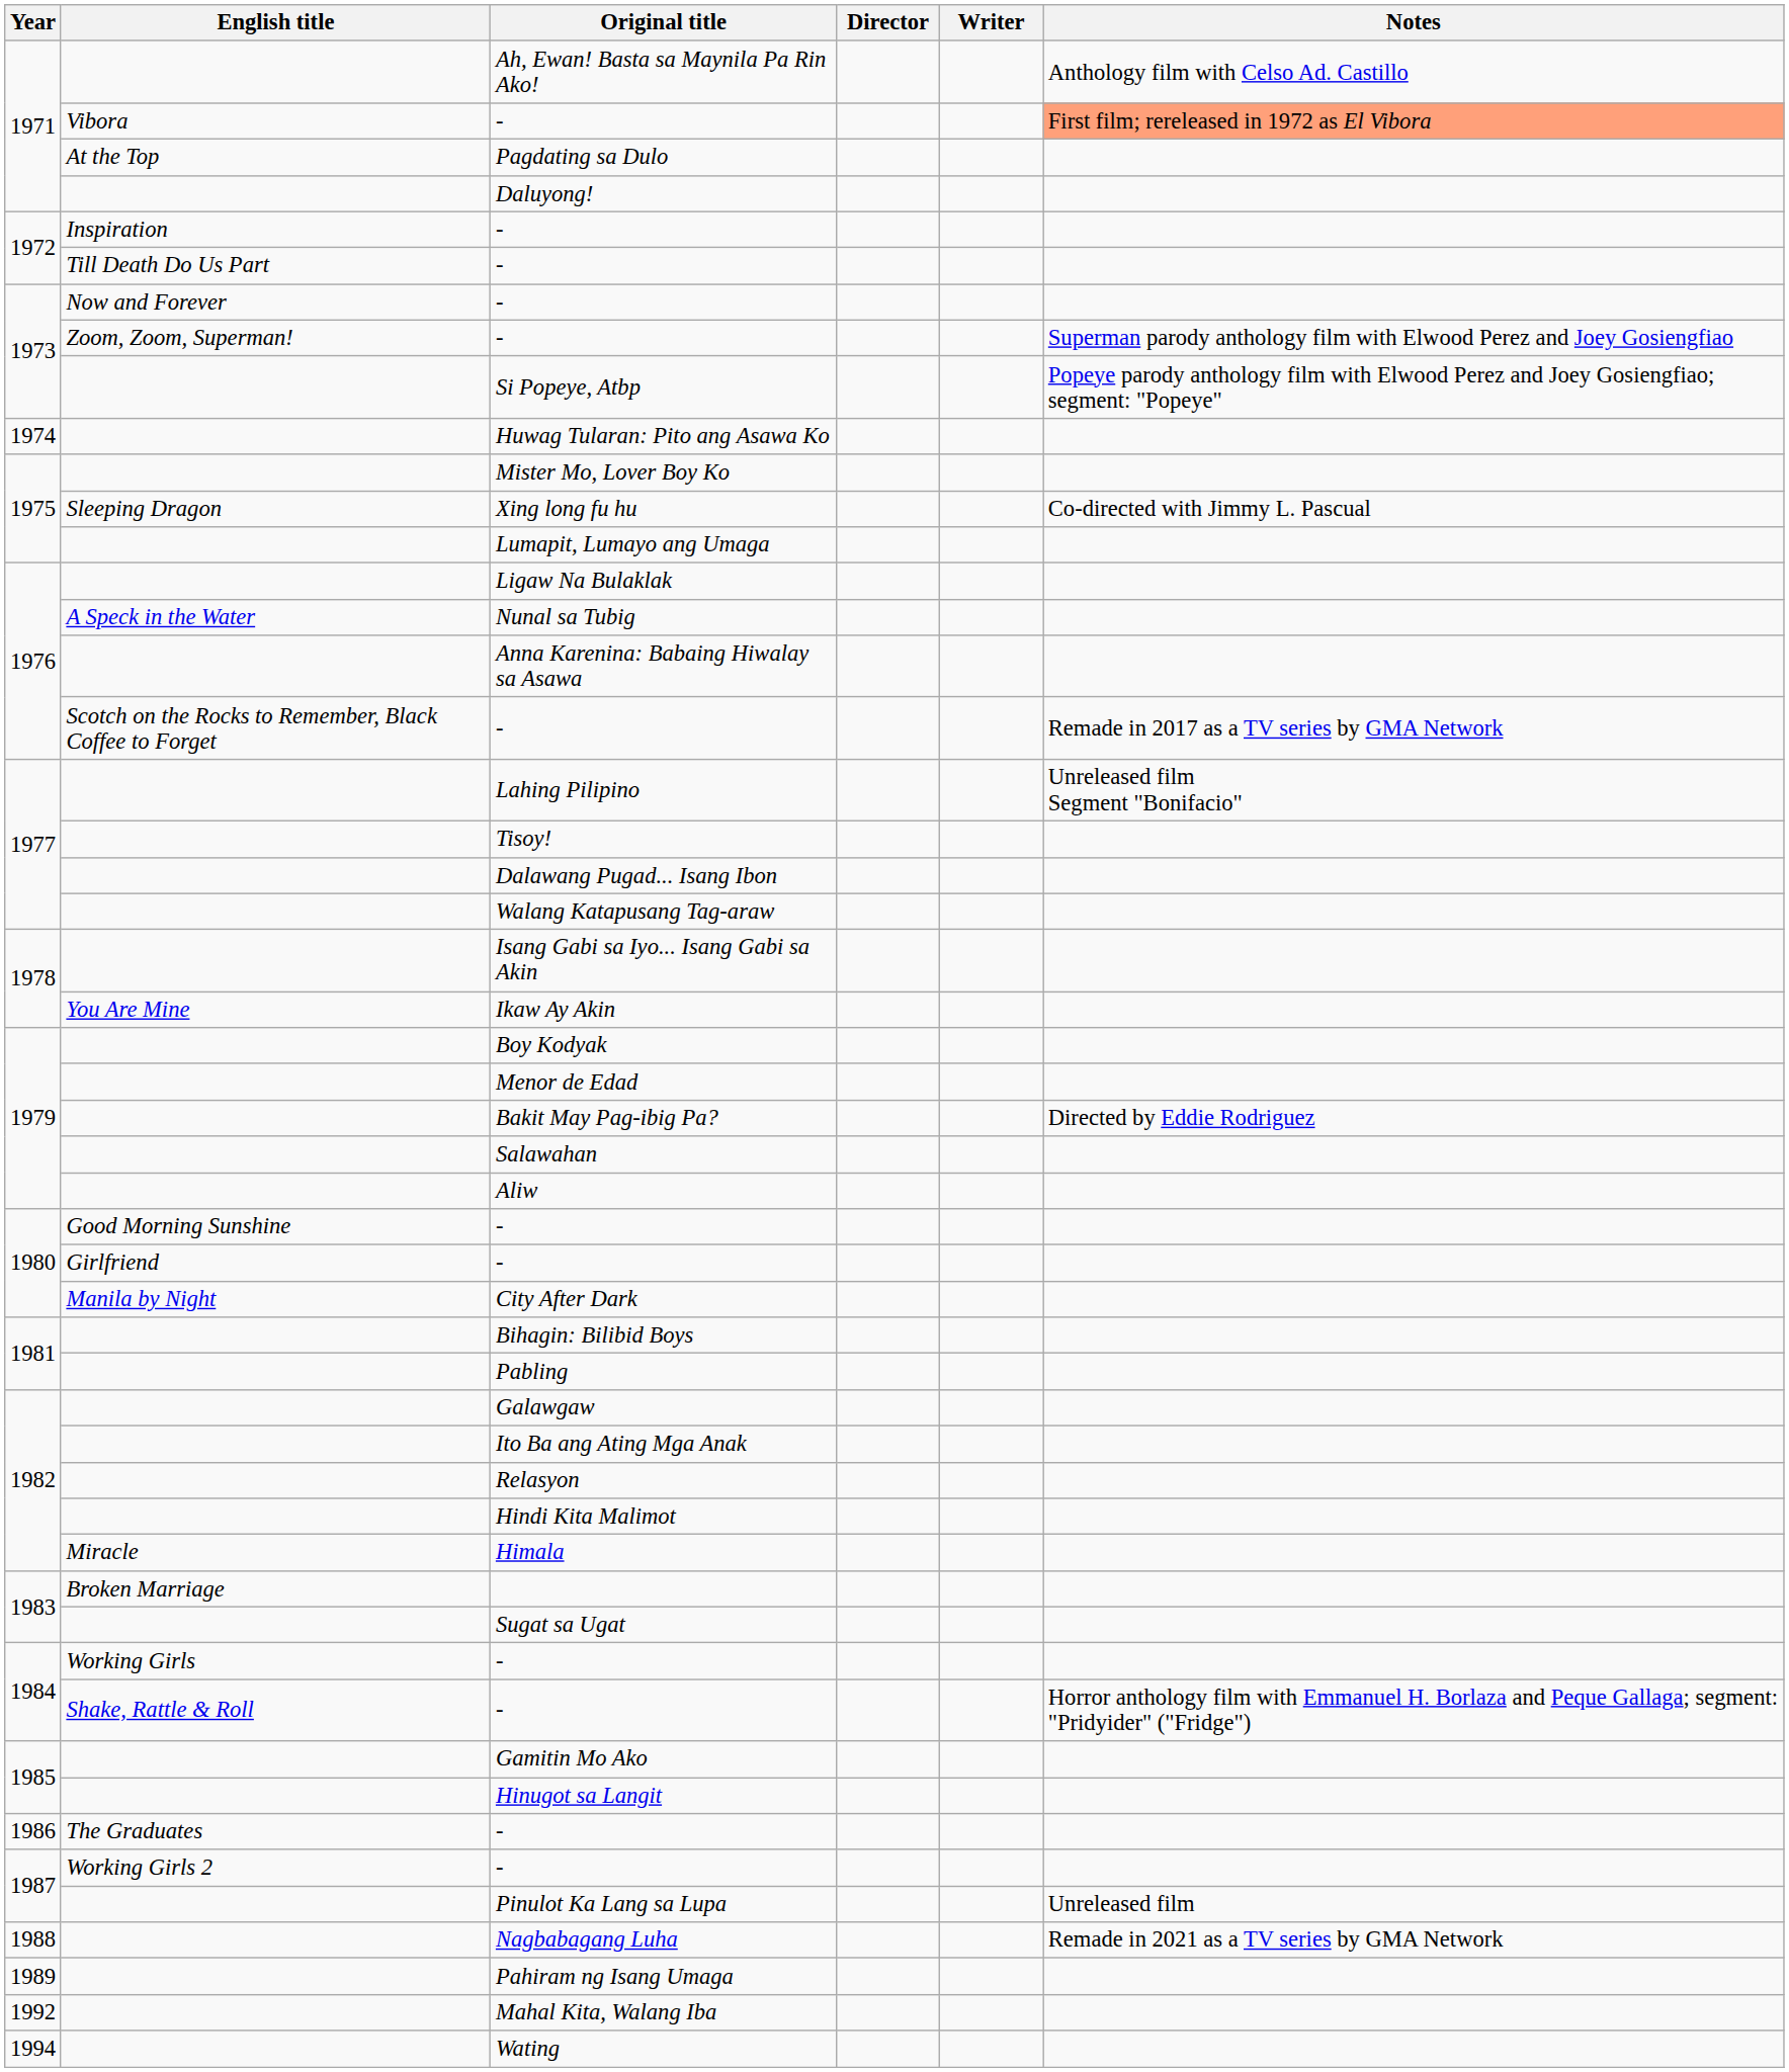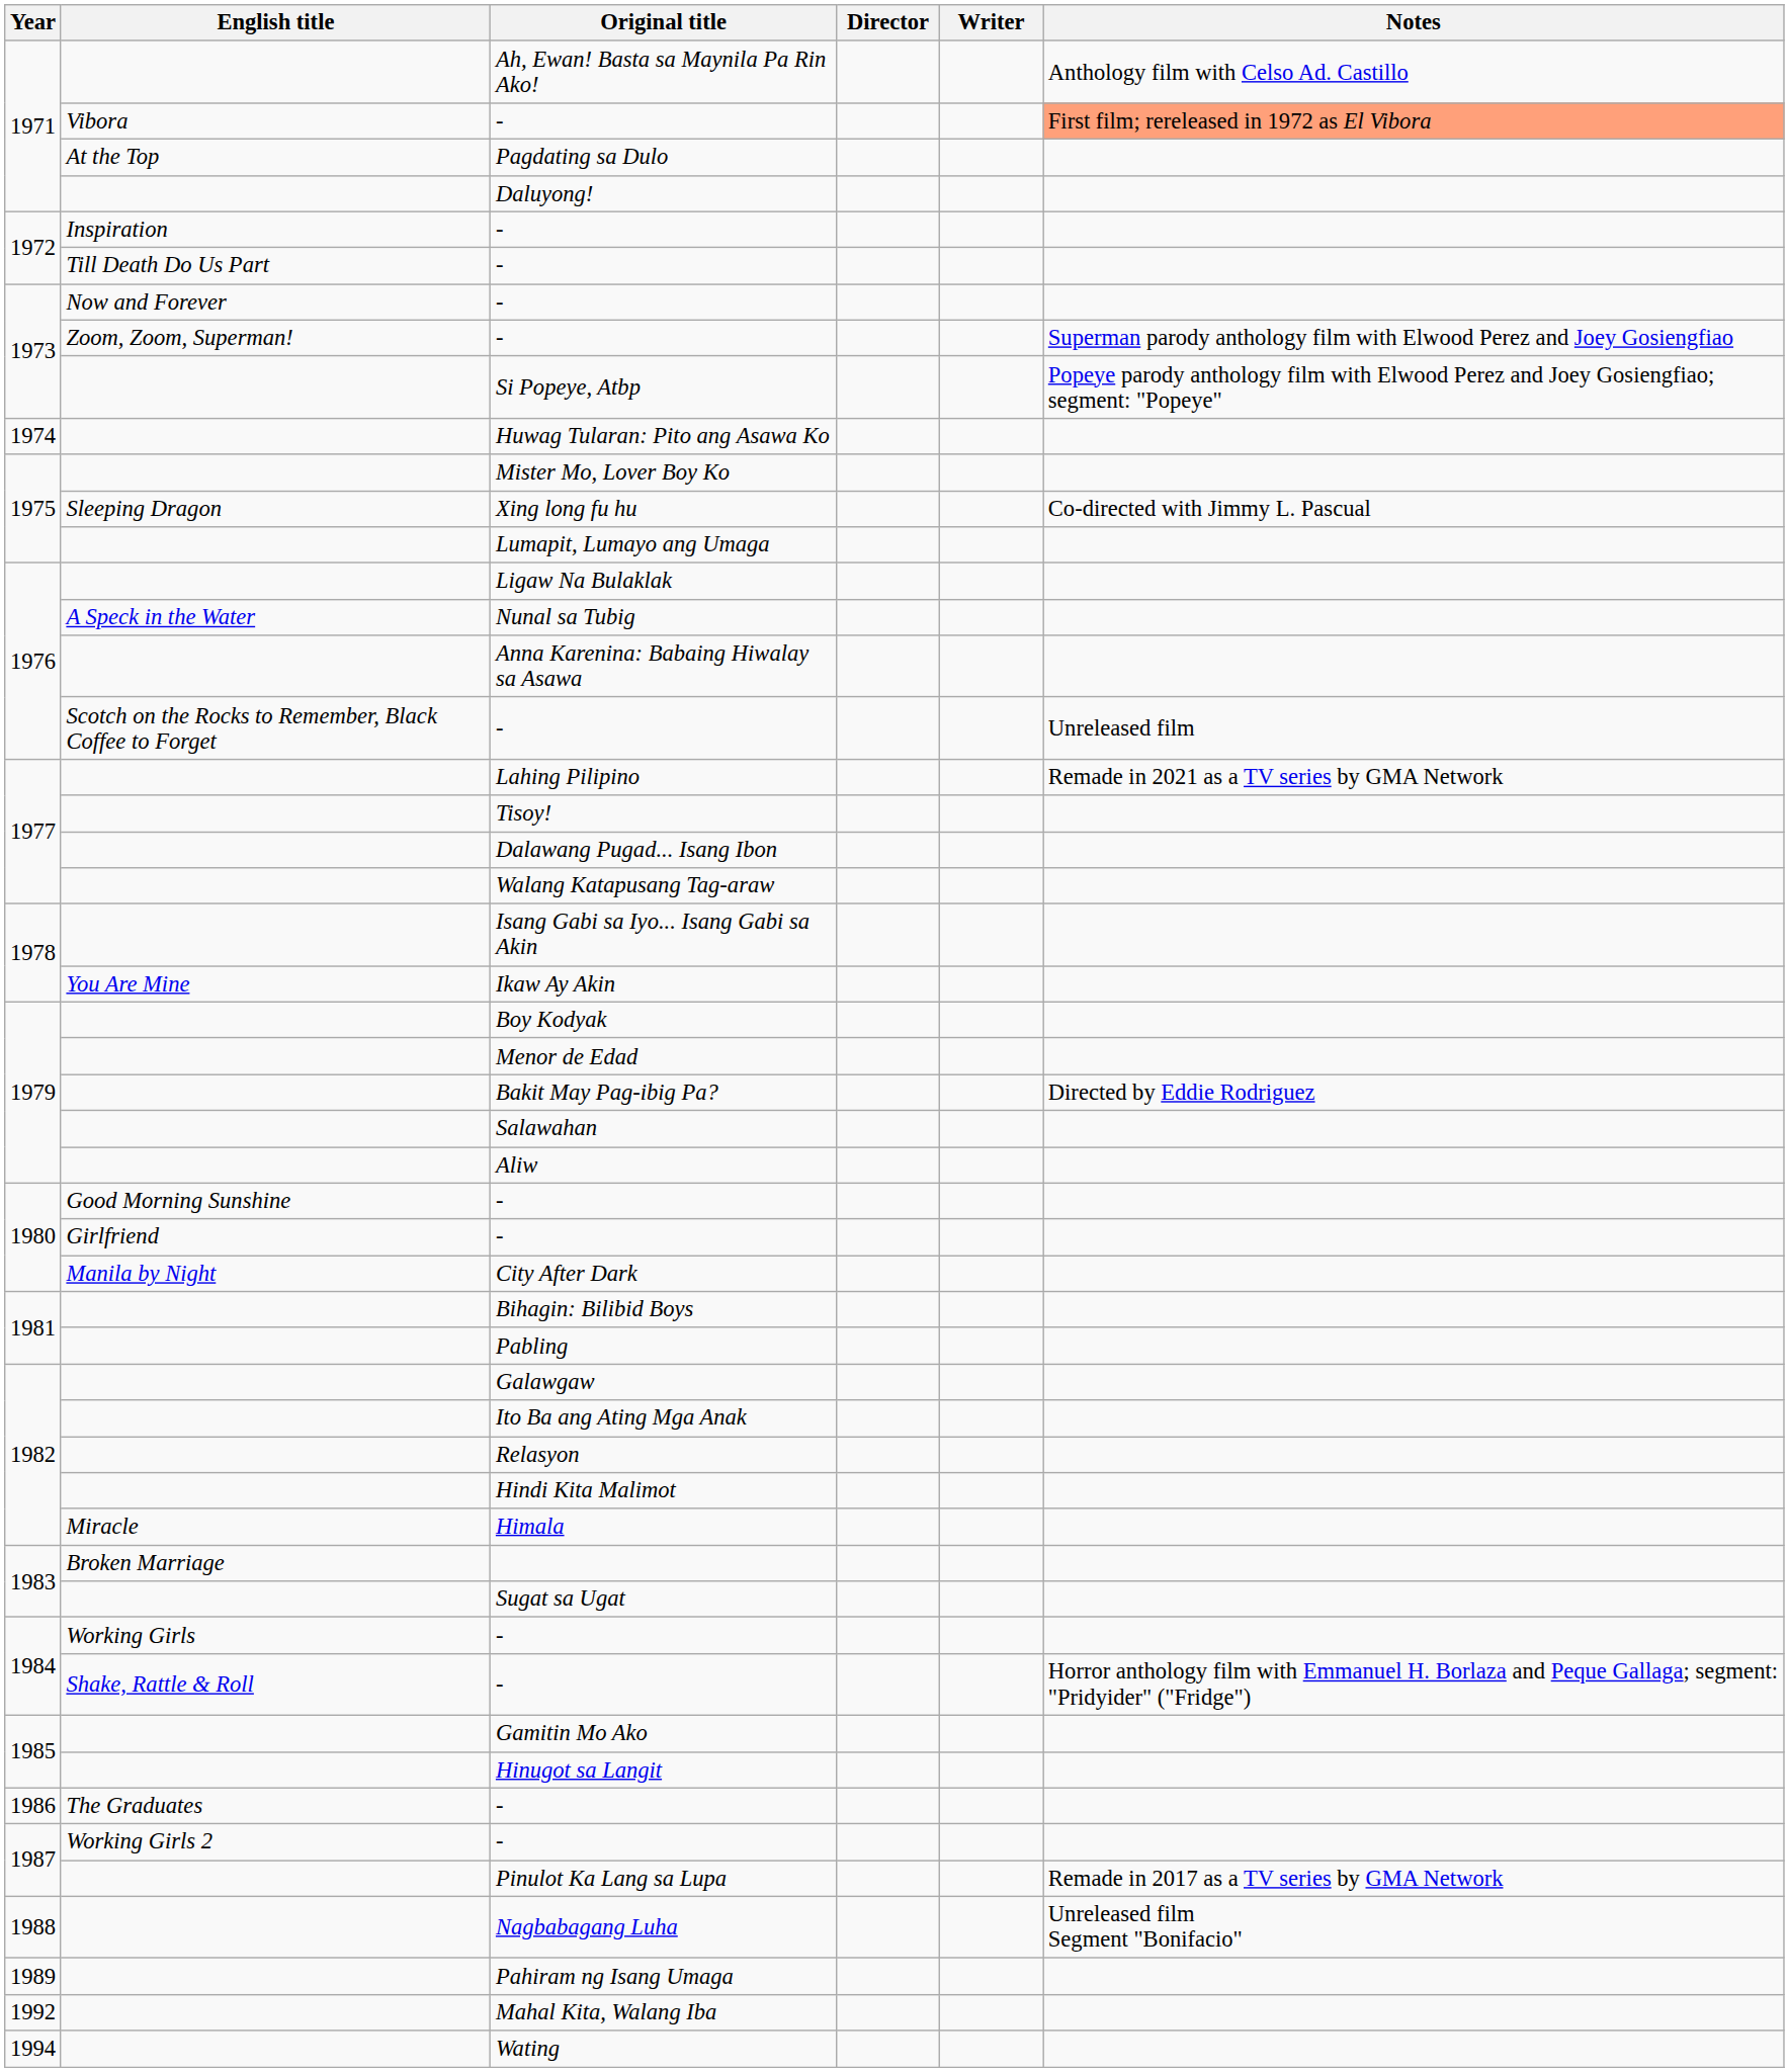 <table class="wikitable sortable">
 <tr>
 <th>Year</th>
 <th>English title</th>
 <th>Original title</th>
 <th width="65">Director</th>
 <th width="65">Writer</th>
 <th class="unsortable">Notes</th>
 </tr>
 <tr>
 <td rowspan="4">1971</td>
 <td></td>
 <td><em>Ah, Ewan! Basta sa Maynila Pa Rin Ako!</em></td>
 <td></td>
 <td></td>
 <td>Anthology film with <a href='#'>Celso Ad. Castillo</a></td>
 </tr>
 <tr>
 <td><em>Vibora</em></td>
 <td>-</td>
 <td></td>
 <td></td>
 <td style="background: lightsalmon;">First film; rereleased in 1972 as <em>El Vibora</em></td>
 </tr>
 <tr>
 <td><em>At the Top</em></td>
 <td><em>Pagdating sa Dulo</em></td>
 <td></td>
 <td></td>
 <td></td>
 </tr>
 <tr>
 <td></td>
 <td><em>Daluyong!</em></td>
 <td></td>
 <td></td>
 <td></td>
 </tr>
 <tr>
 <td rowspan="2">1972</td>
 <td><em>Inspiration</em></td>
 <td>-</td>
 <td></td>
 <td></td>
 <td></td>
 </tr>
 <tr>
 <td><em>Till Death Do Us Part</em></td>
 <td>-</td>
 <td></td>
 <td></td>
 <td></td>
 </tr>
 <tr>
 <td rowspan="3">1973</td>
 <td><em>Now and Forever</em></td>
 <td>-</td>
 <td></td>
 <td></td>
 <td></td>
 </tr>
 <tr>
 <td><em>Zoom, Zoom, Superman!</em></td>
 <td>-</td>
 <td></td>
 <td></td>
 <td><a href='#'>Superman</a> parody anthology film with Elwood Perez and <a href='#'>Joey Gosiengfiao</a></td>
 </tr>
 <tr>
 <td></td>
 <td><em>Si Popeye, Atbp</em></td>
 <td></td>
 <td></td>
 <td><a href='#'>Popeye</a> parody anthology film with Elwood Perez and Joey Gosiengfiao; segment: "Popeye"</td>
 </tr>
 <tr>
 <td>1974</td>
 <td></td>
 <td><em>Huwag Tularan: Pito ang Asawa Ko</em></td>
 <td></td>
 <td></td>
 <td></td>
 </tr>
 <tr>
 <td rowspan="3">1975</td>
 <td></td>
 <td><em>Mister Mo, Lover Boy Ko</em></td>
 <td></td>
 <td></td>
 <td></td>
 </tr>
 <tr>
 <td><em>Sleeping Dragon</em></td>
 <td><em>Xing long fu hu</em></td>
 <td></td>
 <td></td>
 <td>Co-directed with Jimmy L. Pascual</td>
 </tr>
 <tr>
 <td></td>
 <td><em>Lumapit, Lumayo ang Umaga</em></td>
 <td></td>
 <td></td>
 <td></td>
 </tr>
 <tr>
 <td rowspan="4">1976</td>
 <td></td>
 <td><em>Ligaw Na Bulaklak</em></td>
 <td></td>
 <td></td>
 <td></td>
 </tr>
 <tr>
 <td><em><a href='#'>A Speck in the Water</a></em></td>
 <td><em>Nunal sa Tubig</em></td>
 <td></td>
 <td></td>
 <td></td>
 </tr>
 <tr>
 <td></td>
 <td><em>Anna Karenina: Babaing Hiwalay sa Asawa</em></td>
 <td></td>
 <td></td>
 <td></td>
 </tr>
 <tr>
 <td><em>Scotch on the Rocks to Remember, Black Coffee to Forget</em></td>
 <td>-</td>
 <td></td>
 <td></td>
-<td>Remade in 2017 as a <a href='#'>TV series</a> by <a href='#'>GMA Network</a></td>
+<td>Unreleased film</td>
 </tr>
 <tr>
 <td rowspan="4">1977</td>
 <td></td>
 <td><em>Lahing Pilipino</em></td>
 <td></td>
 <td></td>
-<td>Unreleased film<br>Segment "Bonifacio"</td>
+<td>Remade in 2021 as a <a href='#'>TV series</a> by GMA Network</td>
 </tr>
 <tr>
 <td></td>
 <td><em>Tisoy!</em></td>
 <td></td>
 <td></td>
 <td></td>
 </tr>
 <tr>
 <td></td>
 <td><em>Dalawang Pugad... Isang Ibon</em></td>
 <td></td>
 <td></td>
 <td></td>
 </tr>
 <tr>
 <td></td>
 <td><em>Walang Katapusang Tag-araw</em></td>
 <td></td>
 <td></td>
 <td></td>
 </tr>
 <tr>
 <td rowspan="2">1978</td>
 <td></td>
 <td><em>Isang Gabi sa Iyo... Isang Gabi sa Akin</em></td>
 <td></td>
 <td></td>
 <td></td>
 </tr>
 <tr>
 <td><em><a href='#'>You Are Mine</a></em></td>
 <td><em>Ikaw Ay Akin</em></td>
 <td></td>
 <td></td>
 <td></td>
 </tr>
 <tr>
 <td rowspan="5">1979</td>
 <td></td>
 <td><em>Boy Kodyak</em></td>
 <td></td>
 <td></td>
 <td></td>
 </tr>
 <tr>
 <td></td>
 <td><em>Menor de Edad</em></td>
 <td></td>
 <td></td>
 <td></td>
 </tr>
 <tr>
 <td></td>
 <td><em>Bakit May Pag-ibig Pa?</em></td>
 <td></td>
 <td></td>
 <td>Directed by <a href='#'>Eddie Rodriguez</a></td>
 </tr>
 <tr>
 <td></td>
 <td><em>Salawahan</em></td>
 <td></td>
 <td></td>
 <td></td>
 </tr>
 <tr>
 <td></td>
 <td><em>Aliw</em></td>
 <td></td>
 <td></td>
 <td></td>
 </tr>
 <tr>
 <td rowspan="3">1980</td>
 <td><em>Good Morning Sunshine</em></td>
 <td>-</td>
 <td></td>
 <td></td>
 <td></td>
 </tr>
 <tr>
 <td><em>Girlfriend</em></td>
 <td>-</td>
 <td></td>
 <td></td>
 <td></td>
 </tr>
 <tr>
 <td><em><a href='#'>Manila by Night</a></em></td>
 <td><em>City After Dark</em></td>
 <td></td>
 <td></td>
 <td></td>
 </tr>
 <tr>
 <td rowspan="2">1981</td>
 <td></td>
 <td><em>Bihagin: Bilibid Boys</em></td>
 <td></td>
 <td></td>
 <td></td>
 </tr>
 <tr>
 <td></td>
 <td><em>Pabling</em></td>
 <td></td>
 <td></td>
 <td></td>
 </tr>
 <tr>
 <td rowspan="5">1982</td>
 <td></td>
 <td><em>Galawgaw</em></td>
 <td></td>
 <td></td>
 <td></td>
 </tr>
 <tr>
 <td></td>
 <td><em>Ito Ba ang Ating Mga Anak</em></td>
 <td></td>
 <td></td>
 <td></td>
 </tr>
 <tr>
 <td></td>
 <td><em>Relasyon</em></td>
 <td></td>
 <td></td>
 <td></td>
 </tr>
 <tr>
 <td></td>
 <td><em>Hindi Kita Malimot</em></td>
 <td></td>
 <td></td>
 <td></td>
 </tr>
 <tr>
 <td><em>Miracle</em></td>
 <td><em><a href='#'>Himala</a></em></td>
 <td></td>
 <td></td>
 <td></td>
 </tr>
 <tr>
 <td rowspan="2">1983</td>
 <td><em>Broken Marriage</em></td>
 <td></td>
 <td></td>
 <td></td>
 <td></td>
 </tr>
 <tr>
 <td></td>
 <td><em>Sugat sa Ugat</em></td>
 <td></td>
 <td></td>
 <td></td>
 </tr>
 <tr>
 <td rowspan="2">1984</td>
 <td><em>Working Girls</em></td>
 <td>-</td>
 <td></td>
 <td></td>
 <td></td>
 </tr>
 <tr>
 <td><em><a href='#'>Shake, Rattle & Roll</a></em></td>
 <td>-</td>
 <td></td>
 <td></td>
 <td>Horror anthology film with <a href='#'>Emmanuel H. Borlaza</a> and <a href='#'>Peque Gallaga</a>; segment: "Pridyider" ("Fridge")</td>
 </tr>
 <tr>
 <td rowspan="2">1985</td>
 <td></td>
 <td><em>Gamitin Mo Ako</em></td>
 <td></td>
 <td></td>
 <td></td>
 </tr>
 <tr>
 <td></td>
 <td><em><a href='#'>Hinugot sa Langit</a></em></td>
 <td></td>
 <td></td>
 <td></td>
 </tr>
 <tr>
 <td>1986</td>
 <td><em>The Graduates</em></td>
 <td>-</td>
 <td></td>
 <td></td>
 <td></td>
 </tr>
 <tr>
 <td rowspan="2">1987</td>
 <td><em>Working Girls 2</em></td>
 <td>-</td>
 <td></td>
 <td></td>
 <td></td>
 </tr>
 <tr>
 <td></td>
 <td><em>Pinulot Ka Lang sa Lupa</em></td>
 <td></td>
 <td></td>
-<td>Unreleased film</td>
+<td>Remade in 2017 as a <a href='#'>TV series</a> by <a href='#'>GMA Network</a></td>
 </tr>
 <tr>
 <td>1988</td>
 <td></td>
 <td><em><a href='#'>Nagbabagang Luha</a></em></td>
 <td></td>
 <td></td>
-<td>Remade in 2021 as a <a href='#'>TV series</a> by GMA Network</td>
+<td>Unreleased film<br>Segment "Bonifacio"</td>
 </tr>
 <tr>
 <td>1989</td>
 <td></td>
 <td><em>Pahiram ng Isang Umaga</em></td>
 <td></td>
 <td></td>
 <td></td>
 </tr>
 <tr>
 <td>1992</td>
 <td></td>
 <td><em>Mahal Kita, Walang Iba</em></td>
 <td></td>
 <td></td>
 <td></td>
 </tr>
 <tr>
 <td>1994</td>
 <td></td>
 <td><em>Wating</em></td>
 <td></td>
 <td></td>
 <td></td>
 </tr>
 <tr>
 </tr>
 </table>
